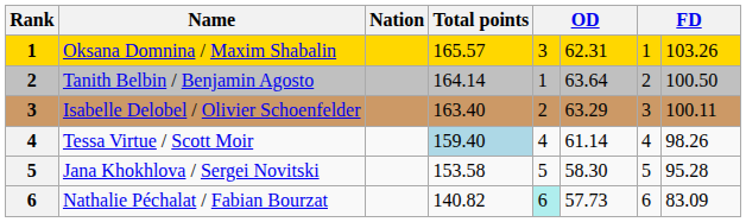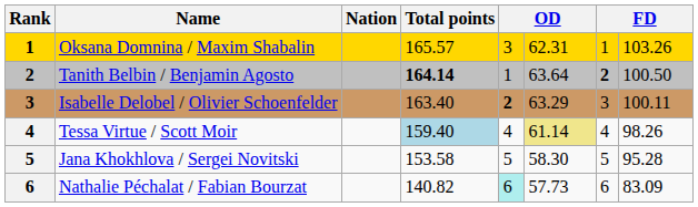 <table class="wikitable">
 <tr>
 <th>Rank</th>
 <th>Name</th>
 <th>Nation</th>
 <th>Total points</th>
 <th colspan="2" width="80px"><a href='#'>OD</a></th>
 <th colspan="2" width="80px"><a href='#'>FD</a></th>
 </tr>
 <tr bgcolor="gold">
 <td align="center"><strong>1</strong></td>
 <td><a href='#'>Oksana Domnina</a> / <a href='#'>Maxim Shabalin</a></td>
 <td></td>
 <td>165.57</td>
 <td>3</td>
 <td>62.31</td>
 <td>1</td>
 <td>103.26</td>
 </tr>
 <tr bgcolor="silver">
 <td align="center"><strong>2</strong></td>
 <td><a href='#'>Tanith Belbin</a> / <a href='#'>Benjamin Agosto</a></td>
 <td></td>
-<td>164.14</td>
+<td><strong>164.14</strong></td>
 <td>1</td>
 <td>63.64</td>
-<td>2</td>
+<td><strong>2</strong></td>
 <td>100.50</td>
 </tr>
 <tr bgcolor="cc9966">
 <td align="center"><strong>3</strong></td>
 <td><a href='#'>Isabelle Delobel</a> / <a href='#'>Olivier Schoenfelder</a></td>
 <td></td>
 <td>163.40</td>
-<td>2</td>
+<td><strong>2</strong></td>
 <td>63.29</td>
 <td>3</td>
 <td>100.11</td>
 </tr>
 <tr>
 <th>4</th>
 <td><a href='#'>Tessa Virtue</a> / <a href='#'>Scott Moir</a></td>
 <td></td>
 <td style="background: lightblue;">159.40</td>
 <td>4</td>
-<td>61.14</td>
+<td style="background: khaki;">61.14</td>
 <td>4</td>
 <td>98.26</td>
 </tr>
 <tr>
 <th>5</th>
 <td><a href='#'>Jana Khokhlova</a> / <a href='#'>Sergei Novitski</a></td>
 <td></td>
 <td>153.58</td>
 <td>5</td>
 <td>58.30</td>
 <td>5</td>
 <td>95.28</td>
 </tr>
 <tr>
 <th>6</th>
 <td><a href='#'>Nathalie Péchalat</a> / <a href='#'>Fabian Bourzat</a></td>
 <td></td>
 <td>140.82</td>
 <td style="background: paleturquoise;">6</td>
 <td>57.73</td>
 <td>6</td>
 <td>83.09</td>
 </tr>
 </table>
